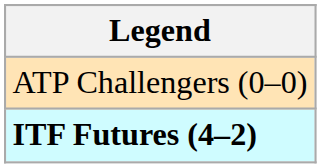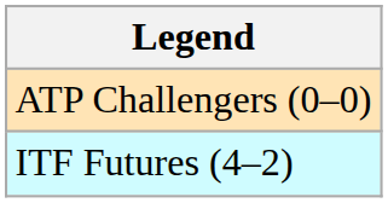 <table class=wikitable style=font-size:97%>
 <tr>
 <th>Legend</th>
 </tr>
 <tr bgcolor=moccasin>
 <td>ATP Challengers (0–0)</td>
 </tr>
 <tr bgcolor=cffcff>
-<td><strong>ITF Futures (4–2)</strong></td>
+<td>ITF Futures (4–2)</td>
 </tr>
 </table>
